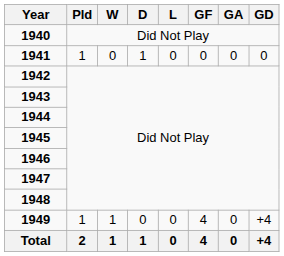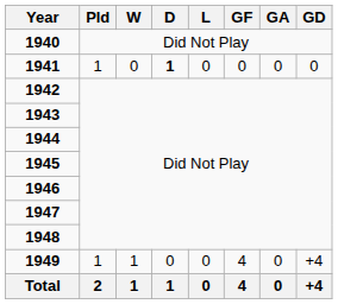 <table class="wikitable" style="text-align: center;">
 <tr>
 <th width=70>Year</th>
 <th width=30>Pld</th>
 <th width=30>W</th>
 <th width=30>D</th>
 <th width=30>L</th>
 <th width=30>GF</th>
 <th width=30>GA</th>
 <th width=30>GD</th>
 </tr>
 <tr>
 <td><strong>1940</strong></td>
 <td colspan=7>Did Not Play</td>
 </tr>
 <tr>
 <td><strong>1941</strong></td>
 <td>1</td>
 <td>0</td>
-<td>1</td>
+<td><strong>1</strong></td>
 <td>0</td>
 <td>0</td>
 <td>0</td>
 <td>0</td>
 </tr>
 <tr>
 <td><strong>1942</strong></td>
 <td colspan=7 rowspan=7>Did Not Play</td>
 </tr>
 <tr>
 <td><strong>1943</strong></td>
 </tr>
 <tr>
 <td><strong>1944</strong></td>
 </tr>
 <tr>
 <td><strong>1945</strong></td>
 </tr>
 <tr>
 <td><strong>1946</strong></td>
 </tr>
 <tr>
 <td><strong>1947</strong></td>
 </tr>
 <tr>
 <td><strong>1948</strong></td>
 </tr>
 <tr>
 <td><strong>1949</strong></td>
 <td>1</td>
 <td>1</td>
 <td>0</td>
 <td>0</td>
 <td>4</td>
 <td>0</td>
 <td>+4</td>
 </tr>
 <tr>
 <th>Total</th>
 <th>2</th>
 <th>1</th>
 <th>1</th>
 <th>0</th>
 <th>4</th>
 <th>0</th>
 <th>+4</th>
 </tr>
 </table>
